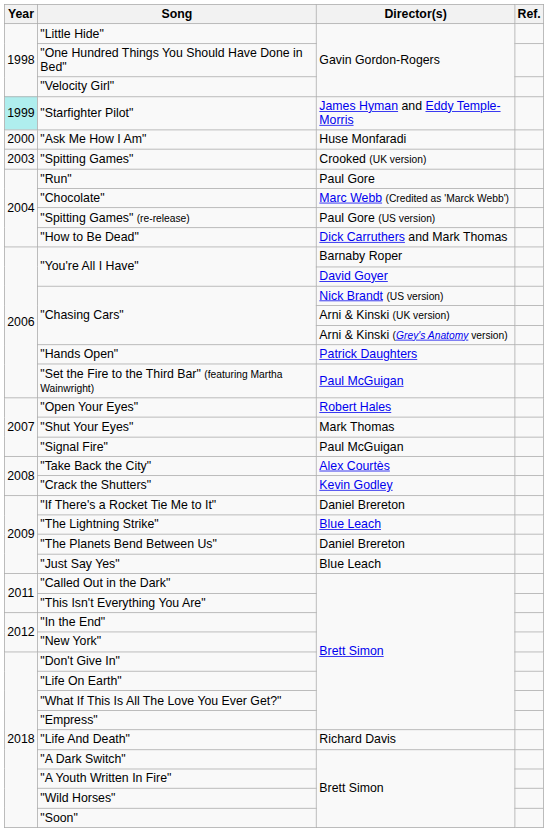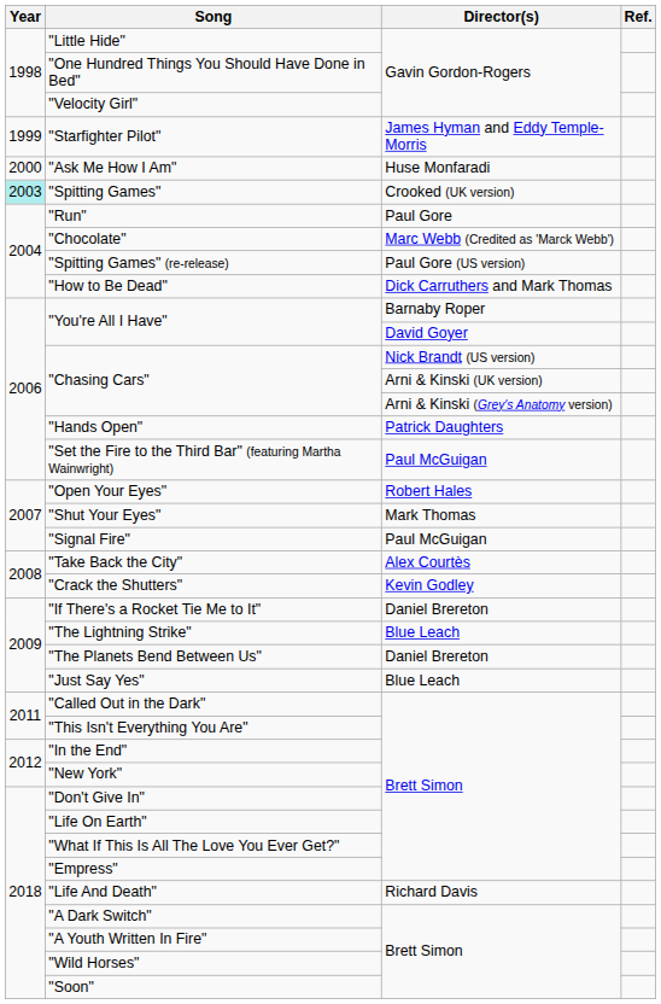 <table class="wikitable">
 <tr>
 <th style="text-align:center;">Year</th>
 <th style="text-align:center; width:355px;">Song</th>
 <th style="text-align:center; width:250px;">Director(s)</th>
 <th style="text-align:center;">Ref.</th>
 </tr>
 <tr>
 <td rowspan="3" style="text-align:center;">1998</td>
 <td>"Little Hide"</td>
 <td rowspan="3">Gavin Gordon-Rogers</td>
 <td style="text-align:center;"></td>
 </tr>
 <tr>
 <td>"One Hundred Things You Should Have Done in Bed"</td>
 <td style="text-align:center;"></td>
 </tr>
 <tr>
 <td>"Velocity Girl"</td>
 <td style="text-align:center;"></td>
 </tr>
 <tr>
-<td style="background: paleturquoise; text-align:center;">1999</td>
+<td style="text-align:center;">1999</td>
 <td>"Starfighter Pilot"</td>
 <td><a href='#'>James Hyman</a> and <a href='#'>Eddy Temple-Morris</a></td>
 <td style="text-align:center;"></td>
 </tr>
 <tr>
 <td style="text-align:center;">2000</td>
 <td>"Ask Me How I Am"</td>
 <td>Huse Monfaradi</td>
 <td style="text-align:center;"></td>
 </tr>
 <tr>
-<td style="text-align:center;">2003</td>
+<td style="background: paleturquoise; text-align:center;">2003</td>
 <td>"Spitting Games"</td>
 <td>Crooked <small>(UK version)</small></td>
 <td style="text-align:center;"></td>
 </tr>
 <tr>
 <td rowspan="4" style="text-align:center;">2004</td>
 <td>"Run"</td>
 <td>Paul Gore</td>
 <td style="text-align:center;"></td>
 </tr>
 <tr>
 <td>"Chocolate"</td>
 <td><a href='#'>Marc Webb</a> <small>(Credited as 'Marck Webb')</small></td>
 <td style="text-align:center;"></td>
 </tr>
 <tr>
 <td>"Spitting Games" <small>(re-release)</small></td>
 <td>Paul Gore <small>(US version)</small></td>
 <td style="text-align:center;"></td>
 </tr>
 <tr>
 <td>"How to Be Dead"</td>
 <td><a href='#'>Dick Carruthers</a> and Mark Thomas</td>
 <td style="text-align:center;"></td>
 </tr>
 <tr>
 <td rowspan="7" style="text-align:center;">2006</td>
 <td rowspan="2">"You're All I Have"</td>
 <td>Barnaby Roper</td>
 <td style="text-align:center;"></td>
 </tr>
 <tr>
 <td><a href='#'>David Goyer</a></td>
 <td style="text-align:center;"></td>
 </tr>
 <tr>
 <td rowspan="3">"Chasing Cars"</td>
 <td><a href='#'>Nick Brandt</a> <small>(US version)</small></td>
 <td style="text-align:center;"></td>
 </tr>
 <tr>
 <td>Arni & Kinski <small>(UK version)</small></td>
 <td style="text-align:center;"></td>
 </tr>
 <tr>
 <td>Arni & Kinski <small>(<em><a href='#'>Grey's Anatomy</a></em> version)</small></td>
 <td style="text-align:center;"></td>
 </tr>
 <tr>
 <td>"Hands Open"</td>
 <td><a href='#'>Patrick Daughters</a></td>
 <td style="text-align:center;"></td>
 </tr>
 <tr>
 <td>"Set the Fire to the Third Bar" <small>(featuring Martha Wainwright)</small></td>
 <td><a href='#'>Paul McGuigan</a></td>
 <td style="text-align:center;"></td>
 </tr>
 <tr>
 <td rowspan="3" style="text-align:center;">2007</td>
 <td>"Open Your Eyes"</td>
 <td><a href='#'>Robert Hales</a></td>
 <td style="text-align:center;"></td>
 </tr>
 <tr>
 <td>"Shut Your Eyes"</td>
 <td>Mark Thomas</td>
 <td style="text-align:center;"></td>
 </tr>
 <tr>
 <td>"Signal Fire"</td>
 <td>Paul McGuigan</td>
 <td style="text-align:center;"></td>
 </tr>
 <tr>
 <td rowspan="2" style="text-align:center;">2008</td>
 <td>"Take Back the City"</td>
 <td><a href='#'>Alex Courtès</a></td>
 <td style="text-align:center;"></td>
 </tr>
 <tr>
 <td>"Crack the Shutters"</td>
 <td><a href='#'>Kevin Godley</a></td>
 <td style="text-align:center;"></td>
 </tr>
 <tr>
 <td rowspan="4" style="text-align:center;">2009</td>
 <td>"If There's a Rocket Tie Me to It"</td>
 <td>Daniel Brereton</td>
 <td style="text-align:center;"></td>
 </tr>
 <tr>
 <td>"The Lightning Strike"</td>
 <td><a href='#'>Blue Leach</a></td>
 <td style="text-align:center;"></td>
 </tr>
 <tr>
 <td>"The Planets Bend Between Us"</td>
 <td>Daniel Brereton</td>
 <td style="text-align:center;"></td>
 </tr>
 <tr>
 <td>"Just Say Yes"</td>
 <td>Blue Leach</td>
 <td style="text-align:center;"></td>
 </tr>
 <tr>
 <td rowspan="2" style="text-align:center;">2011</td>
 <td>"Called Out in the Dark"</td>
 <td rowspan="8"><a href='#'>Brett Simon</a></td>
 <td style="text-align:center;"></td>
 </tr>
 <tr>
 <td>"This Isn't Everything You Are"</td>
 <td style="text-align:center;"></td>
 </tr>
 <tr>
 <td rowspan="2" style="text-align:center;">2012</td>
 <td>"In the End"</td>
 <td style="text-align:center;"></td>
 </tr>
 <tr>
 <td>"New York"</td>
 <td style="text-align:center;"></td>
 </tr>
 <tr>
 <td rowspan="9" style="text-align:center;">2018</td>
 <td>"Don't Give In"</td>
 <td style="text-align:center;"></td>
 </tr>
 <tr>
 <td>"Life On Earth"</td>
 <td style="text-align:center;"></td>
 </tr>
 <tr>
 <td>"What If This Is All The Love You Ever Get?"</td>
 <td style="text-align:center;"></td>
 </tr>
 <tr>
 <td>"Empress"</td>
 <td style="text-align:center;"></td>
 </tr>
 <tr>
 <td>"Life And Death"</td>
 <td>Richard Davis</td>
 <td style="text-align:center;"></td>
 </tr>
 <tr>
 <td>"A Dark Switch"</td>
 <td rowspan="4">Brett Simon</td>
 <td style="text-align:center;"></td>
 </tr>
 <tr>
 <td>"A Youth Written In Fire"</td>
 <td style="text-align:center;"></td>
 </tr>
 <tr>
 <td>"Wild Horses"</td>
 <td style="text-align:center;"></td>
 </tr>
 <tr>
 <td>"Soon"</td>
 <td style="text-align:center;"></td>
 </tr>
 </table>
